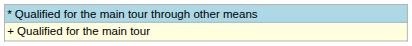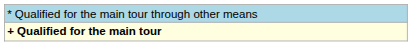 <table class="wikitable" style="font-size:85%; width:30%;">
 <tr style="background:lightblue;">
 <td>* Qualified for the main tour through other means<br></td>
 </tr>
 <tr style="background:lightyellow;">
-<td>+ Qualified for the main tour</td>
+<td><strong>+ Qualified for the main tour</strong></td>
 </tr>
 </table>
